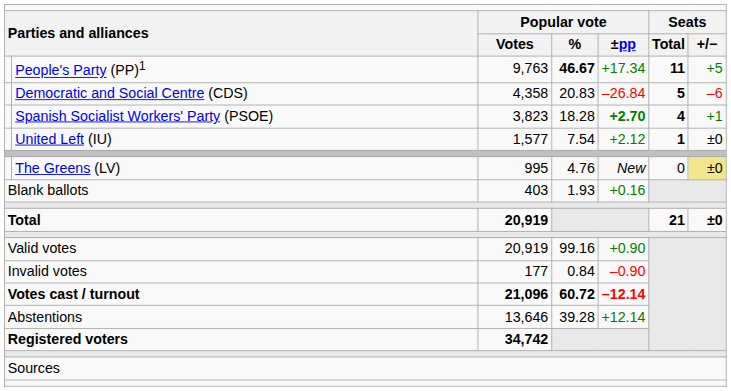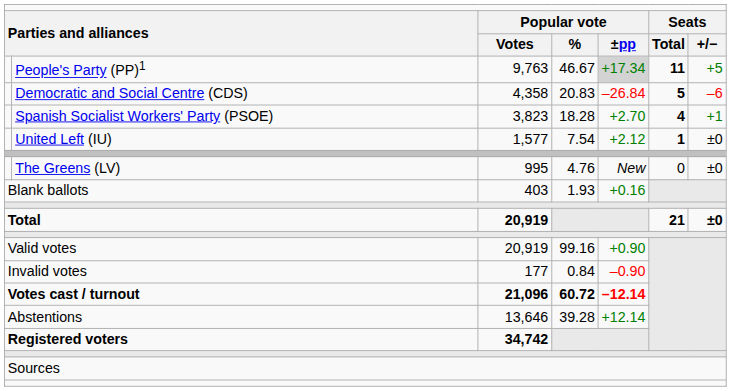 <table class="wikitable" style="text-align:right;">
 <tr>
 <td colspan="7"></td>
 </tr>
 <tr>
 <th style="text-align:left;" rowspan="2" colspan="2" width="525">Parties and alliances</th>
 <th colspan="3">Popular vote</th>
 <th colspan="2">Seats</th>
 </tr>
 <tr>
 <th width="75">Votes</th>
 <th width="45">%</th>
 <th width="45">±<a href='#'>pp</a></th>
 <th width="35">Total</th>
 <th width="35">+/−</th>
 </tr>
 <tr>
 <td width="1" style="color:inherit;background:"></td>
 <td align="left"><a href='#'>People's Party</a> (PP)<sup>1</sup></td>
 <td>9,763</td>
-<td><strong>46.67</strong></td>
-<td style="color:green;">+17.34</td>
+<td>46.67</td>
+<td style="background: lightgrey; color:green;">+17.34</td>
 <td><strong>11</strong></td>
 <td style="color:green;">+5</td>
 </tr>
 <tr>
 <td style="color:inherit;background:"></td>
 <td align="left"><a href='#'>Democratic and Social Centre</a> (CDS)</td>
 <td>4,358</td>
 <td>20.83</td>
 <td style="color:red;">–26.84</td>
 <td><strong>5</strong></td>
 <td style="color:red;">–6</td>
 </tr>
 <tr>
 <td style="color:inherit;background:"></td>
 <td align="left"><a href='#'>Spanish Socialist Workers' Party</a> (PSOE)</td>
 <td>3,823</td>
 <td>18.28</td>
-<td style="color:green;"><strong>+2.70</strong></td>
+<td style="color:green;">+2.70</td>
 <td><strong>4</strong></td>
 <td style="color:green;">+1</td>
 </tr>
 <tr>
 <td style="color:inherit;background:"></td>
 <td align="left"><a href='#'>United Left</a> (IU)</td>
 <td>1,577</td>
 <td>7.54</td>
 <td style="color:green;">+2.12</td>
 <td><strong>1</strong></td>
 <td>±0</td>
 </tr>
 <tr>
 <td colspan="7" bgcolor="#C0C0C0"></td>
 </tr>
 <tr>
 <td style="color:inherit;background:"></td>
 <td align="left"><a href='#'>The Greens</a> (LV)</td>
 <td>995</td>
 <td>4.76</td>
 <td><em>New</em></td>
 <td>0</td>
-<td style="background: khaki;">±0</td>
+<td>±0</td>
 </tr>
 <tr>
 <td align="left" colspan="2">Blank ballots</td>
 <td>403</td>
 <td>1.93</td>
 <td style="color:green;">+0.16</td>
 <td bgcolor="#E9E9E9" colspan="2"></td>
 </tr>
 <tr>
 <td colspan="7" bgcolor="#E9E9E9"></td>
 </tr>
 <tr style="font-weight:bold;">
 <td align="left" colspan="2">Total</td>
 <td>20,919</td>
 <td bgcolor="#E9E9E9" colspan="2"></td>
 <td>21</td>
 <td>±0</td>
 </tr>
 <tr>
 <td colspan="7" bgcolor="#E9E9E9"></td>
 </tr>
 <tr>
 <td align="left" colspan="2">Valid votes</td>
 <td>20,919</td>
 <td>99.16</td>
 <td style="color:green;">+0.90</td>
 <td bgcolor="#E9E9E9" colspan="2" rowspan="5"></td>
 </tr>
 <tr>
 <td align="left" colspan="2">Invalid votes</td>
 <td>177</td>
 <td>0.84</td>
 <td style="color:red;">–0.90</td>
 </tr>
 <tr style="font-weight:bold;">
 <td align="left" colspan="2">Votes cast / turnout</td>
 <td>21,096</td>
 <td>60.72</td>
 <td style="color:red;">–12.14</td>
 </tr>
 <tr>
 <td align="left" colspan="2">Abstentions</td>
 <td>13,646</td>
 <td>39.28</td>
 <td style="color:green;">+12.14</td>
 </tr>
 <tr style="font-weight:bold;">
 <td align="left" colspan="2">Registered voters</td>
 <td>34,742</td>
 <td bgcolor="#E9E9E9" colspan="2"></td>
 </tr>
 <tr>
 <td colspan="7" bgcolor="#E9E9E9"></td>
 </tr>
 <tr>
 <td align="left" colspan="7">Sources</td>
 </tr>
 <tr>
 <td colspan="7" style="text-align:left; max-width:790px;"></td>
 </tr>
 </table>
